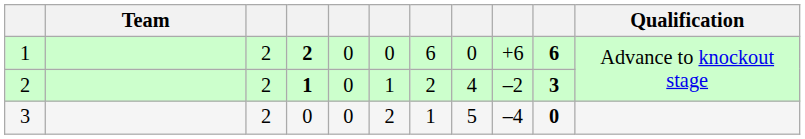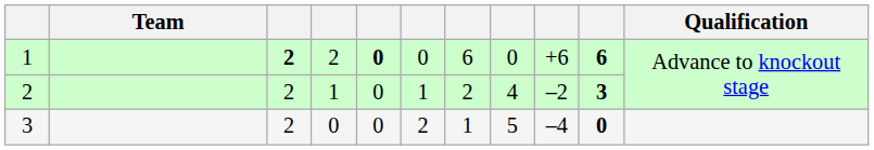 <table class="wikitable" style="text-align: center;">
 <tr>
 <th width="25"></th>
 <th width="150">Team</th>
 <th width="25"></th>
 <th width="25"></th>
 <th width="25"></th>
 <th width="25"></th>
 <th width="25"></th>
 <th width="25"></th>
 <th width="25"></th>
 <th width="25"></th>
 <th width="170">Qualification</th>
 </tr>
 <tr align=center style="background:#ccffcc;">
 <td>1</td>
 <td style="text-align:left;"></td>
+<td><strong>2</strong></td>
 <td>2</td>
-<td><strong>2</strong></td>
-<td>0</td>
+<td><strong>0</strong></td>
 <td>0</td>
 <td>6</td>
 <td>0</td>
 <td>+6</td>
 <td><strong>6</strong></td>
 <td rowspan="2">Advance to <a href='#'>knockout stage</a></td>
 </tr>
 <tr align=center style="background:#ccffcc;">
 <td>2</td>
 <td style="text-align:left;"></td>
 <td>2</td>
-<td><strong>1</strong></td>
+<td>1</td>
 <td>0</td>
 <td>1</td>
 <td>2</td>
 <td>4</td>
 <td>–2</td>
 <td><strong>3</strong></td>
 </tr>
 <tr align=center style="background:#f5f5f5;">
 <td>3</td>
 <td style="text-align:left;"></td>
 <td>2</td>
 <td>0</td>
 <td>0</td>
 <td>2</td>
 <td>1</td>
 <td>5</td>
 <td>–4</td>
 <td><strong>0</strong></td>
 <td></td>
 </tr>
 </table>
